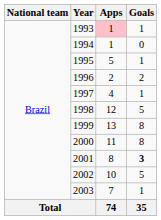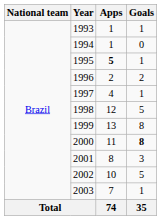 <table class="wikitable" style="text-align:center">
 <tr>
 <th>National team</th>
 <th>Year</th>
 <th width="40">Apps</th>
 <th width="40">Goals</th>
 </tr>
 <tr>
 <td rowspan="11"><a href='#'>Brazil</a></td>
 <td>1993</td>
-<td style="background: pink;">1</td>
+<td>1</td>
 <td>1</td>
 </tr>
 <tr>
 <td>1994</td>
 <td>1</td>
 <td>0</td>
 </tr>
 <tr>
 <td>1995</td>
-<td>5</td>
+<td><strong>5</strong></td>
 <td>1</td>
 </tr>
 <tr>
 <td>1996</td>
 <td>2</td>
 <td>2</td>
 </tr>
 <tr>
 <td>1997</td>
 <td>4</td>
 <td>1</td>
 </tr>
 <tr>
 <td>1998</td>
 <td>12</td>
 <td>5</td>
 </tr>
 <tr>
 <td>1999</td>
 <td>13</td>
 <td>8</td>
 </tr>
 <tr>
 <td>2000</td>
 <td>11</td>
-<td>8</td>
+<td><strong>8</strong></td>
 </tr>
 <tr>
 <td>2001</td>
 <td>8</td>
-<td><strong>3</strong></td>
+<td>3</td>
 </tr>
 <tr>
 <td>2002</td>
 <td>10</td>
 <td>5</td>
 </tr>
 <tr>
 <td>2003</td>
 <td>7</td>
 <td>1</td>
 </tr>
 <tr>
 <th colspan="2">Total</th>
 <th>74</th>
 <th>35</th>
 </tr>
 </table>
